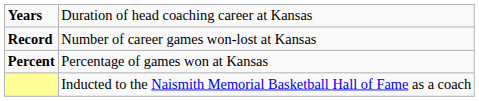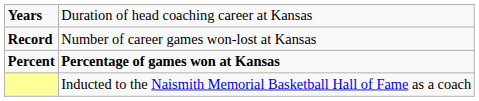 <table class="wikitable">
 <tr>
 <td style="background-color:#"><strong>Years</strong></td>
 <td>Duration of head coaching career at Kansas</td>
 </tr>
 <tr>
 <td style="background-color:#"><strong>Record</strong></td>
 <td>Number of career games won-lost at Kansas</td>
 </tr>
 <tr>
 <td style="background-color:#"><strong>Percent</strong></td>
-<td>Percentage of games won at Kansas</td>
+<td><strong>Percentage of games won at Kansas</strong></td>
 </tr>
 <tr>
 <td style="background:#ff9; border:1px solid #aaa; width:3em;"></td>
 <td>Inducted to the <a href='#'>Naismith Memorial Basketball Hall of Fame</a> as a coach</td>
 </tr>
 </table>
